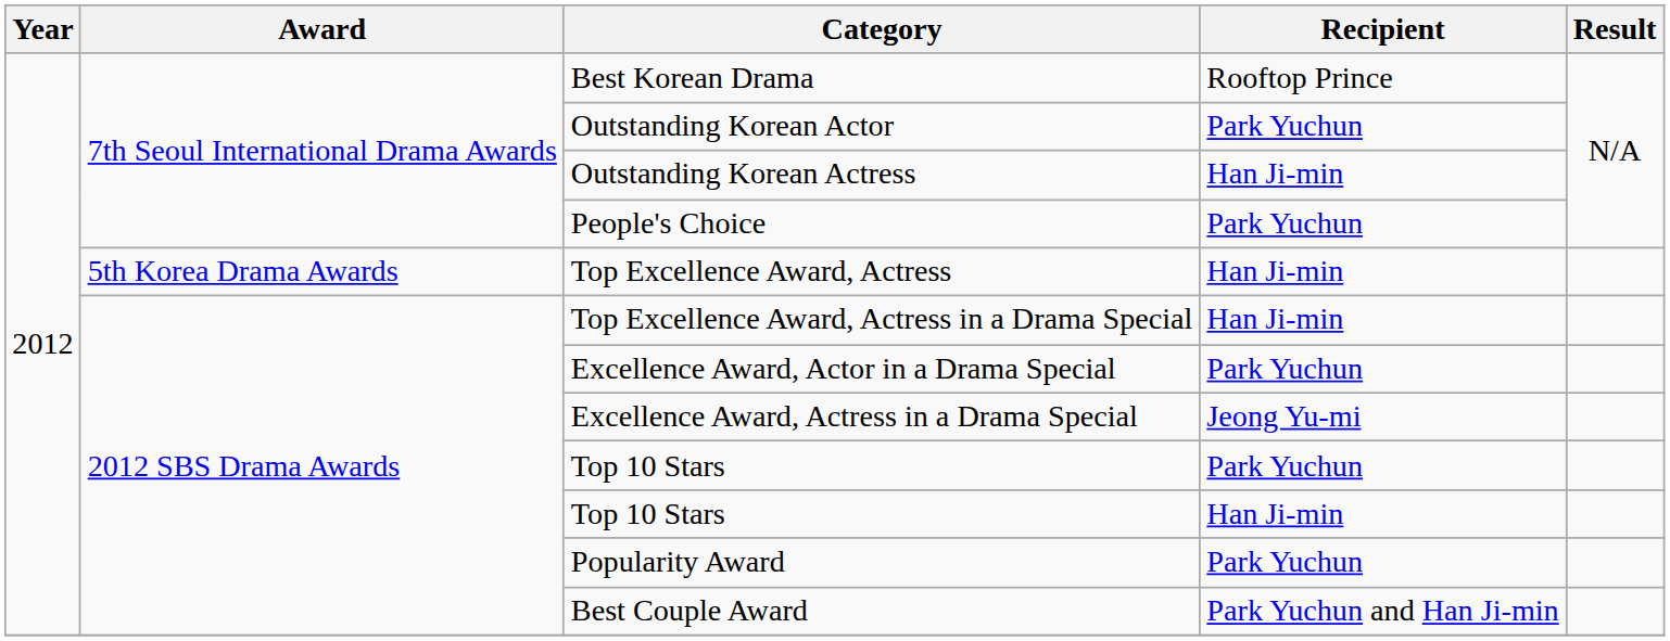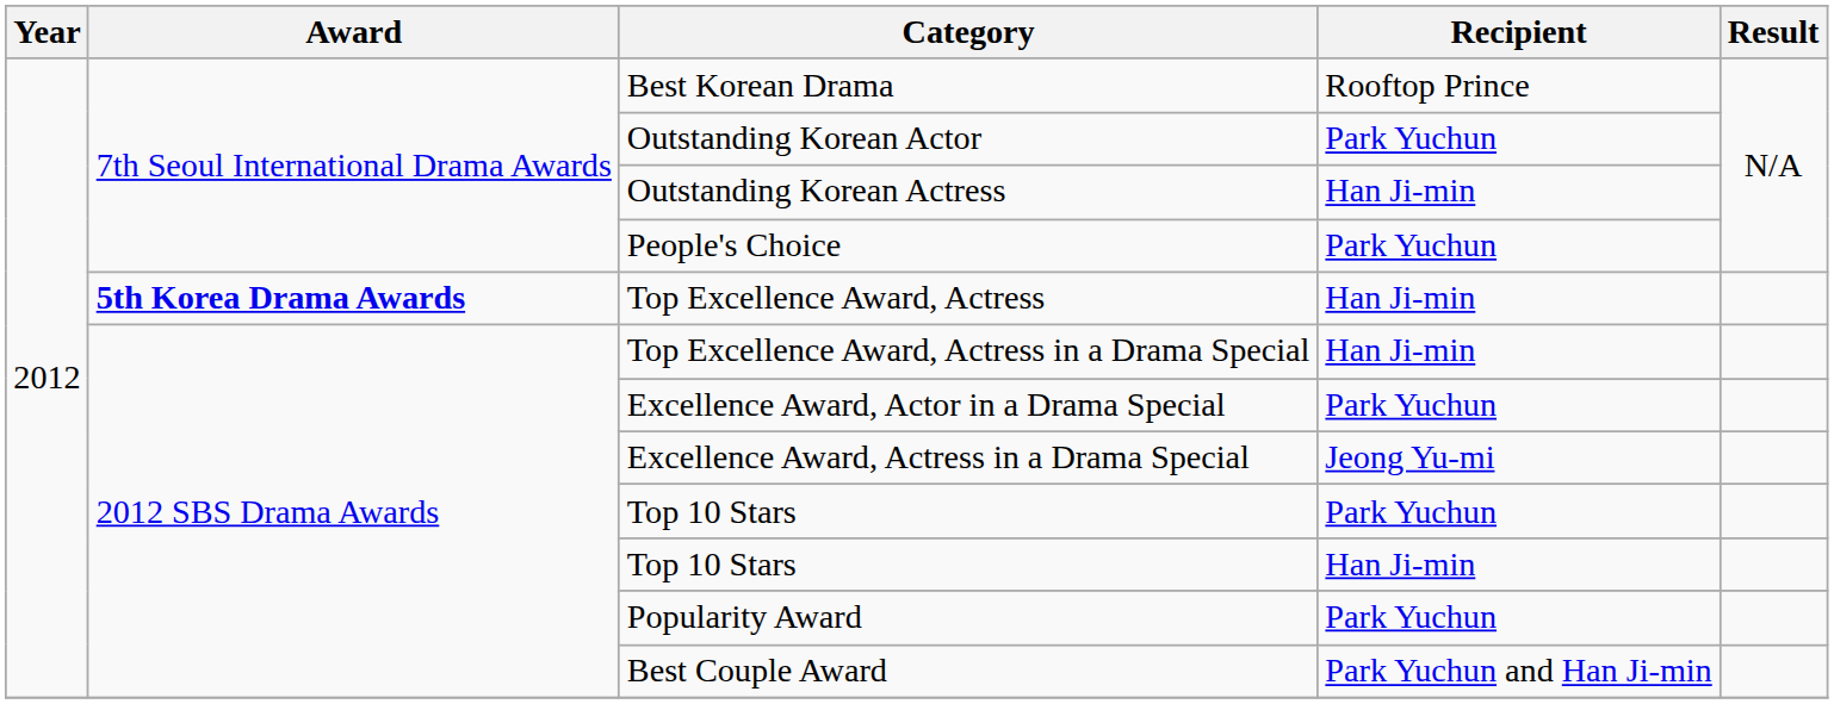 <table class="wikitable">
 <tr>
 <th>Year</th>
 <th>Award</th>
 <th>Category</th>
 <th>Recipient</th>
 <th>Result</th>
 </tr>
 <tr>
 <td rowspan="12">2012</td>
 <td rowspan="4"><a href='#'>7th Seoul International Drama Awards</a></td>
 <td>Best Korean Drama</td>
 <td>Rooftop Prince</td>
 <td rowspan="4" align="center">N/A</td>
 </tr>
 <tr>
 <td>Outstanding Korean Actor</td>
 <td><a href='#'>Park Yuchun</a></td>
 </tr>
 <tr>
 <td>Outstanding Korean Actress</td>
 <td><a href='#'>Han Ji-min</a></td>
 </tr>
 <tr>
 <td>People's Choice</td>
 <td><a href='#'>Park Yuchun</a></td>
 </tr>
 <tr>
-<td><a href='#'>5th Korea Drama Awards</a></td>
+<td><strong><a href='#'>5th Korea Drama Awards</a></strong></td>
 <td>Top Excellence Award, Actress</td>
 <td><a href='#'>Han Ji-min</a></td>
 <td></td>
 </tr>
 <tr>
 <td rowspan="7"><a href='#'>2012 SBS Drama Awards</a></td>
 <td>Top Excellence Award, Actress in a Drama Special</td>
 <td><a href='#'>Han Ji-min</a></td>
 <td></td>
 </tr>
 <tr>
 <td>Excellence Award, Actor in a Drama Special</td>
 <td><a href='#'>Park Yuchun</a></td>
 <td></td>
 </tr>
 <tr>
 <td>Excellence Award, Actress in a Drama Special</td>
 <td><a href='#'>Jeong Yu-mi</a></td>
 <td></td>
 </tr>
 <tr>
 <td>Top 10 Stars</td>
 <td><a href='#'>Park Yuchun</a></td>
 <td></td>
 </tr>
 <tr>
 <td>Top 10 Stars</td>
 <td><a href='#'>Han Ji-min</a></td>
 <td></td>
 </tr>
 <tr>
 <td>Popularity Award</td>
 <td><a href='#'>Park Yuchun</a></td>
 <td></td>
 </tr>
 <tr>
 <td>Best Couple Award</td>
 <td><a href='#'>Park Yuchun</a> and <a href='#'>Han Ji-min</a></td>
 <td></td>
 </tr>
 <tr>
 </tr>
 </table>
